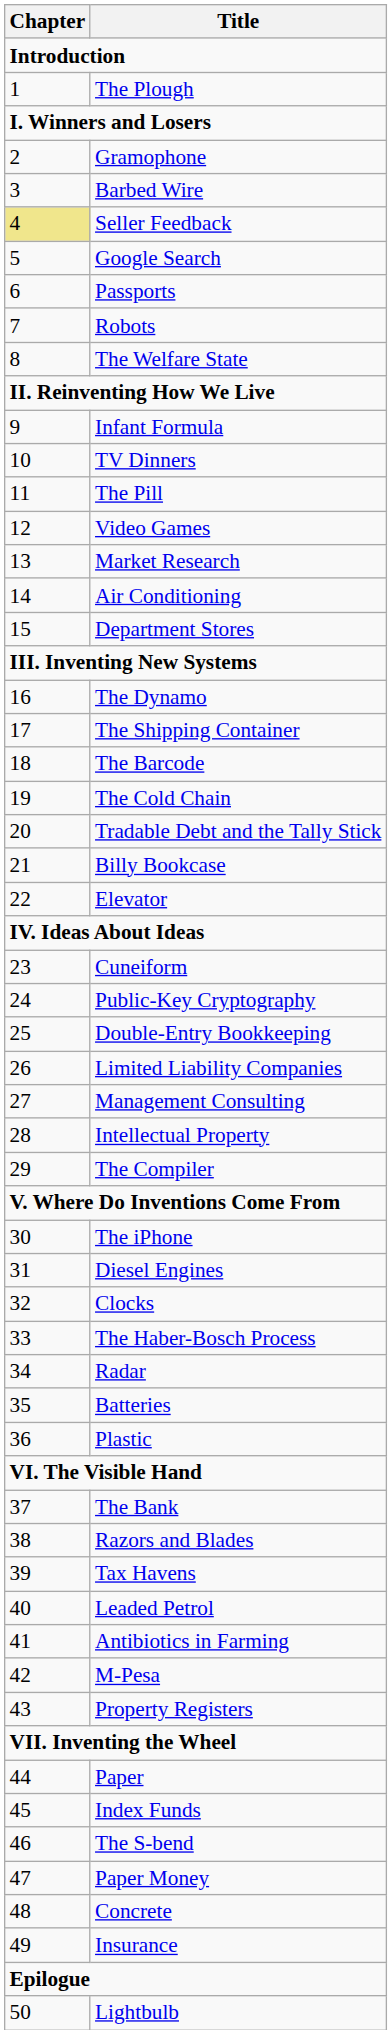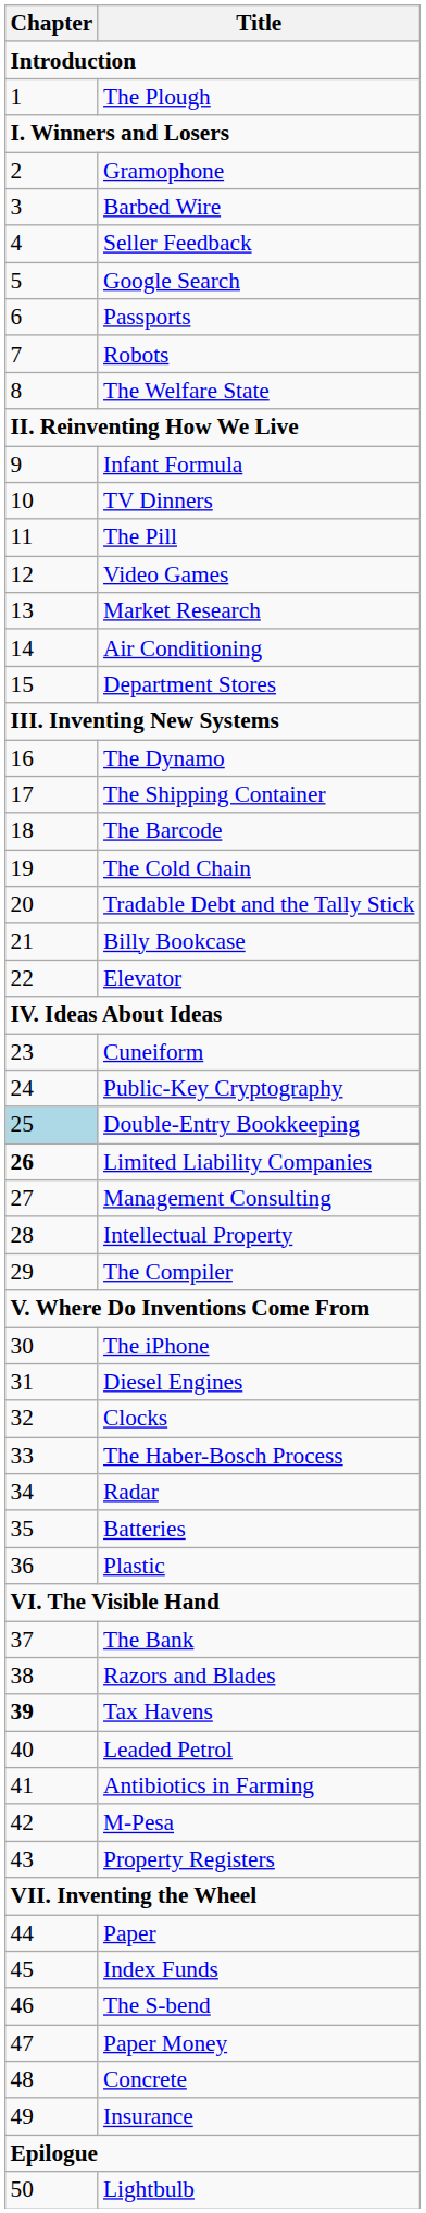 <table class="wikitable">
 <tr>
 <th scope="col">Chapter</th>
 <th scope="col">Title</th>
 </tr>
 <tr>
 <td colspan=2><strong>Introduction</strong></td>
 </tr>
 <tr>
 <td scope="row">1</td>
 <td><a href='#'>The Plough</a></td>
 </tr>
 <tr>
 <td colspan=2><strong>I. Winners and Losers</strong></td>
 </tr>
 <tr>
 <td scope="row">2</td>
 <td><a href='#'>Gramophone</a></td>
 </tr>
 <tr>
 <td scope="row">3</td>
 <td><a href='#'>Barbed Wire</a></td>
 </tr>
 <tr>
-<td scope="row" style="background: khaki;">4</td>
+<td scope="row">4</td>
 <td><a href='#'>Seller Feedback</a></td>
 </tr>
 <tr>
 <td scope="row">5</td>
 <td><a href='#'>Google Search</a></td>
 </tr>
 <tr>
 <td scope="row">6</td>
 <td><a href='#'>Passports</a></td>
 </tr>
 <tr>
 <td scope="row">7</td>
 <td><a href='#'>Robots</a></td>
 </tr>
 <tr>
 <td scope="row">8</td>
 <td><a href='#'>The Welfare State</a></td>
 </tr>
 <tr>
 <td colspan=2><strong>II. Reinventing How We Live</strong></td>
 </tr>
 <tr>
 <td scope="row">9</td>
 <td><a href='#'>Infant Formula</a></td>
 </tr>
 <tr>
 <td scope="row">10</td>
 <td><a href='#'>TV Dinners</a></td>
 </tr>
 <tr>
 <td scope="row">11</td>
 <td><a href='#'>The Pill</a></td>
 </tr>
 <tr>
 <td scope="row">12</td>
 <td><a href='#'>Video Games</a></td>
 </tr>
 <tr>
 <td scope="row">13</td>
 <td><a href='#'>Market Research</a></td>
 </tr>
 <tr>
 <td scope="row">14</td>
 <td><a href='#'>Air Conditioning</a></td>
 </tr>
 <tr>
 <td scope="row">15</td>
 <td><a href='#'>Department Stores</a></td>
 </tr>
 <tr>
 <td colspan=2><strong>III. Inventing New Systems</strong></td>
 </tr>
 <tr>
 <td scope="row">16</td>
 <td><a href='#'>The Dynamo</a></td>
 </tr>
 <tr>
 <td scope="row">17</td>
 <td><a href='#'>The Shipping Container</a></td>
 </tr>
 <tr>
 <td scope="row">18</td>
 <td><a href='#'>The Barcode</a></td>
 </tr>
 <tr>
 <td scope="row">19</td>
 <td><a href='#'>The Cold Chain</a></td>
 </tr>
 <tr>
 <td scope="row">20</td>
 <td><a href='#'>Tradable Debt and the Tally Stick</a></td>
 </tr>
 <tr>
 <td scope="row">21</td>
 <td><a href='#'>Billy Bookcase</a></td>
 </tr>
 <tr>
 <td scope="row">22</td>
 <td><a href='#'>Elevator</a></td>
 </tr>
 <tr>
 <td colspan=2><strong>IV. Ideas About Ideas</strong></td>
 </tr>
 <tr>
 <td scope="row">23</td>
 <td><a href='#'>Cuneiform</a></td>
 </tr>
 <tr>
 <td scope="row">24</td>
 <td><a href='#'>Public-Key Cryptography</a></td>
 </tr>
 <tr>
-<td scope="row">25</td>
+<td scope="row" style="background: lightblue;">25</td>
 <td><a href='#'>Double-Entry Bookkeeping</a></td>
 </tr>
 <tr>
-<td scope="row">26</td>
+<td scope="row"><strong>26</strong></td>
 <td><a href='#'>Limited Liability Companies</a></td>
 </tr>
 <tr>
 <td scope="row">27</td>
 <td><a href='#'>Management Consulting</a></td>
 </tr>
 <tr>
 <td scope="row">28</td>
 <td><a href='#'>Intellectual Property</a></td>
 </tr>
 <tr>
 <td scope="row">29</td>
 <td><a href='#'>The Compiler</a></td>
 </tr>
 <tr>
 <td colspan=2><strong>V. Where Do Inventions Come From</strong></td>
 </tr>
 <tr>
 <td scope="row">30</td>
 <td><a href='#'>The iPhone</a></td>
 </tr>
 <tr>
 <td scope="row">31</td>
 <td><a href='#'>Diesel Engines</a></td>
 </tr>
 <tr>
 <td scope="row">32</td>
 <td><a href='#'>Clocks</a></td>
 </tr>
 <tr>
 <td scope="row">33</td>
 <td><a href='#'>The Haber-Bosch Process</a></td>
 </tr>
 <tr>
 <td scope="row">34</td>
 <td><a href='#'>Radar</a></td>
 </tr>
 <tr>
 <td scope="row">35</td>
 <td><a href='#'>Batteries</a></td>
 </tr>
 <tr>
 <td scope="row">36</td>
 <td><a href='#'>Plastic</a></td>
 </tr>
 <tr>
 <td colspan=2><strong>VI. The Visible Hand</strong></td>
 </tr>
 <tr>
 <td scope="row">37</td>
 <td><a href='#'>The Bank</a></td>
 </tr>
 <tr>
 <td scope="row">38</td>
 <td><a href='#'>Razors and Blades</a></td>
 </tr>
 <tr>
-<td scope="row">39</td>
+<td scope="row"><strong>39</strong></td>
 <td><a href='#'>Tax Havens</a></td>
 </tr>
 <tr>
 <td scope="row">40</td>
 <td><a href='#'>Leaded Petrol</a></td>
 </tr>
 <tr>
 <td scope="row">41</td>
 <td><a href='#'>Antibiotics in Farming</a></td>
 </tr>
 <tr>
 <td scope="row">42</td>
 <td><a href='#'>M-Pesa</a></td>
 </tr>
 <tr>
 <td scope="row">43</td>
 <td><a href='#'>Property Registers</a></td>
 </tr>
 <tr>
 <td colspan=2><strong>VII. Inventing the Wheel</strong></td>
 </tr>
 <tr>
 <td scope="row">44</td>
 <td><a href='#'>Paper</a></td>
 </tr>
 <tr>
 <td scope="row">45</td>
 <td><a href='#'>Index Funds</a></td>
 </tr>
 <tr>
 <td scope="row">46</td>
 <td><a href='#'>The S-bend</a></td>
 </tr>
 <tr>
 <td scope="row">47</td>
 <td><a href='#'>Paper Money</a></td>
 </tr>
 <tr>
 <td scope="row">48</td>
 <td><a href='#'>Concrete</a></td>
 </tr>
 <tr>
 <td scope="row">49</td>
 <td><a href='#'>Insurance</a></td>
 </tr>
 <tr>
 <td colspan=2><strong>Epilogue</strong></td>
 </tr>
 <tr>
 <td scope="row">50</td>
 <td><a href='#'>Lightbulb</a></td>
 </tr>
 </table>
